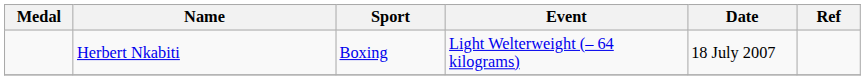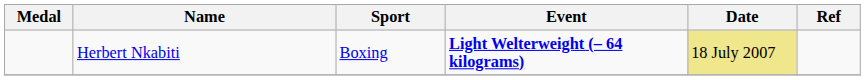 <table class="wikitable sortable" style="font-size:100%">
 <tr>
 <th width="60">Medal</th>
 <th width="250">Name</th>
 <th width="100">Sport</th>
 <th width="230">Event</th>
 <th width="100">Date</th>
 <th width="55">Ref</th>
 </tr>
 <tr>
 <td></td>
 <td><a href='#'>Herbert Nkabiti</a></td>
 <td><a href='#'>Boxing</a></td>
-<td><a href='#'>Light Welterweight (– 64 kilograms)</a></td>
-<td>18 July 2007</td>
+<td><strong><a href='#'>Light Welterweight (– 64 kilograms)</a></strong></td>
+<td style="background: khaki;">18 July 2007</td>
 <td></td>
 </tr>
 <tr>
 </tr>
 </table>
